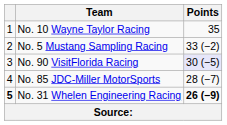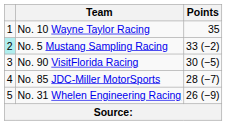 <table class="wikitable" style="font-size: 95%;">
 <tr>
 <th scope="col"></th>
 <th scope="col">Team</th>
 <th scope="col">Points</th>
 </tr>
 <tr>
 <td align=center>1</td>
 <td> No. 10 <a href='#'>Wayne Taylor Racing</a></td>
 <td align=right>35</td>
 </tr>
 <tr>
-<td align=center>2</td>
+<td align=center style="background: paleturquoise;">2</td>
 <td> No. 5 <a href='#'>Mustang Sampling Racing</a></td>
 <td align=right>33 (−2)</td>
 </tr>
 <tr>
 <td align=center>3</td>
 <td> No. 90 <a href='#'>VisitFlorida Racing</a></td>
-<td align=right style="background: lavender;">30 (−5)</td>
+<td align=right>30 (−5)</td>
 </tr>
 <tr>
 <td align=center>4</td>
 <td> No. 85 <a href='#'>JDC-Miller MotorSports</a></td>
 <td align=right>28 (−7)</td>
 </tr>
 <tr>
-<td align=center><strong>5</strong></td>
+<td align=center>5</td>
 <td> No. 31 <a href='#'>Whelen Engineering Racing</a></td>
-<td align=right><strong>26 (−9)</strong></td>
+<td align=right>26 (−9)</td>
 </tr>
 <tr>
 <th colspan=4>Source:</th>
 </tr>
 </table>
